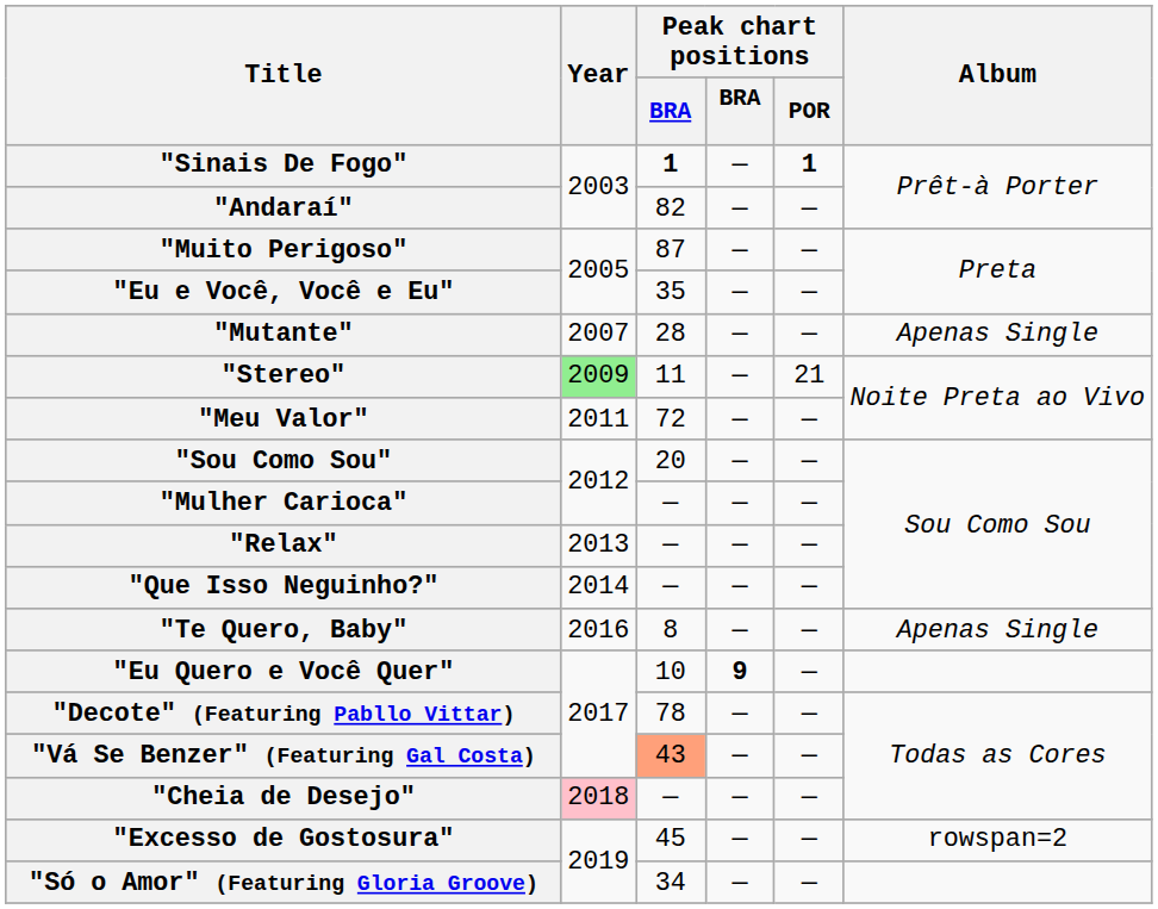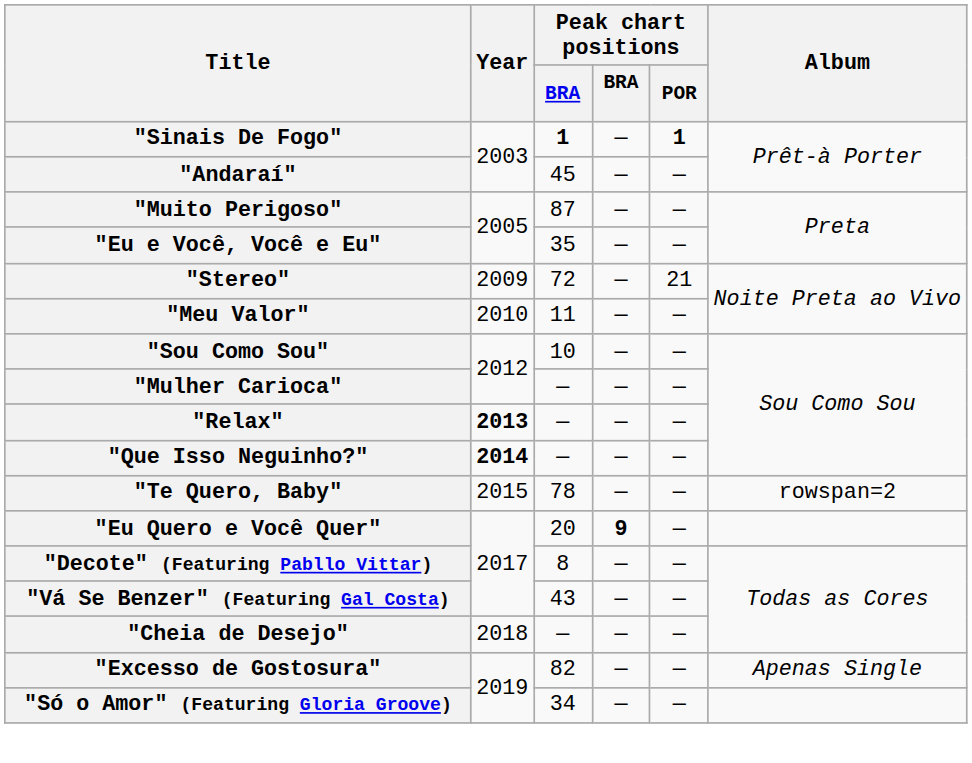 <table class="wikitable plainrowheaders" style="text-align:center;">
 <tr>
 <th scope="col" rowspan="2" style="width:21em;">Title</th>
 <th scope="col" rowspan="2">Year</th>
 <th scope="col" colspan="3">Peak chart positions</th>
 <th scope="col" rowspan="2">Album</th>
 </tr>
 <tr>
 <th scope="col" style="width:2.5em;font-size:90%;"><a href='#'>BRA</a></th>
 <th scope="col" style="width:2.5em;font-size:90%;">BRA<br><small></small><br></th>
 <th scope="col" style="width:2.5em;font-size:90%;">POR</th>
 </tr>
 <tr>
 <th scope="row">"Sinais De Fogo"</th>
 <td rowspan=2>2003</td>
 <td><strong>1</strong></td>
 <td>—</td>
 <td><strong>1</strong></td>
 <td rowspan=2><em>Prêt-à Porter</em></td>
 </tr>
 <tr>
 <th scope="row">"Andaraí"</th>
-<td>82</td>
+<td>45</td>
 <td>—</td>
 <td>—</td>
 </tr>
 <tr>
 <th scope="row">"Muito Perigoso"</th>
 <td rowspan=2>2005</td>
 <td>87</td>
 <td>—</td>
 <td>—</td>
 <td rowspan=2><em>Preta</em></td>
 </tr>
 <tr>
 <th scope="row">"Eu e Você, Você e Eu"</th>
 <td>35</td>
 <td>—</td>
 <td>—</td>
 </tr>
 <tr>
-<th scope="row">"Mutante"</th>
-<td>2007</td>
-<td>28</td>
-<td>—</td>
-<td>—</td>
-<td rowspan=1><em>Apenas Single</em></td>
-</tr>
-<tr>
 <th scope="row">"Stereo"</th>
-<td style="background: lightgreen;">2009</td>
-<td>11</td>
+<td>2009</td>
+<td>72</td>
 <td>—</td>
 <td>21</td>
 <td rowspan=2><em>Noite Preta ao Vivo</em></td>
 </tr>
 <tr>
 <th scope="row">"Meu Valor"</th>
-<td>2011</td>
-<td>72</td>
+<td>2010</td>
+<td>11</td>
 <td>—</td>
 <td>—</td>
 </tr>
 <tr>
 <th scope="row">"Sou Como Sou"</th>
 <td rowspan=2>2012</td>
-<td>20</td>
+<td>10</td>
 <td>—</td>
 <td>—</td>
 <td rowspan=4><em>Sou Como Sou</em></td>
 </tr>
 <tr>
 <th scope="row">"Mulher Carioca"</th>
 <td>—</td>
 <td>—</td>
 <td>—</td>
 </tr>
 <tr>
 <th scope="row">"Relax"</th>
-<td>2013</td>
+<td><strong>2013</strong></td>
 <td>—</td>
 <td>—</td>
 <td>—</td>
 </tr>
 <tr>
 <th scope="row">"Que Isso Neguinho?"</th>
-<td>2014</td>
+<td><strong>2014</strong></td>
 <td>—</td>
 <td>—</td>
 <td>—</td>
 </tr>
 <tr>
 <th scope="row">"Te Quero, Baby"</th>
-<td>2016</td>
-<td>8</td>
+<td>2015</td>
+<td>78</td>
 <td>—</td>
 <td>—</td>
-<td rowspan=1><em>Apenas Single</em></td>
+<td>rowspan=2 </td>
 </tr>
 <tr>
 <th scope="row">"Eu Quero e Você Quer"</th>
 <td rowspan=3>2017</td>
-<td>10</td>
+<td>20</td>
 <td><strong>9</strong></td>
 <td>—</td>
 </tr>
 <tr>
 <th scope="row">"Decote" <small>(Featuring <a href='#'>Pabllo Vittar</a>)</small></th>
-<td>78</td>
+<td>8</td>
 <td>—</td>
 <td>—</td>
 <td rowspan=3><em>Todas as Cores</em></td>
 </tr>
 <tr>
 <th scope="row">"Vá Se Benzer" <small>(Featuring <a href='#'>Gal Costa</a>)</small></th>
-<td style="background: lightsalmon;">43</td>
+<td>43</td>
 <td>—</td>
 <td>—</td>
 </tr>
 <tr>
 <th scope="row">"Cheia de Desejo"</th>
-<td rowspan=1 style="background: pink;">2018</td>
+<td rowspan=1>2018</td>
 <td>—</td>
 <td>—</td>
 <td>—</td>
 </tr>
 <tr>
 <th scope="row">"Excesso de Gostosura"</th>
 <td rowspan=2>2019</td>
-<td>45</td>
+<td>82</td>
 <td>—</td>
 <td>—</td>
-<td>rowspan=2 </td>
+<td rowspan=1><em>Apenas Single</em></td>
 </tr>
 <tr>
 <th scope="row">"Só o Amor" <small>(Featuring <a href='#'>Gloria Groove</a>)</small></th>
 <td>34</td>
 <td>—</td>
 <td>—</td>
 </tr>
 </table>
